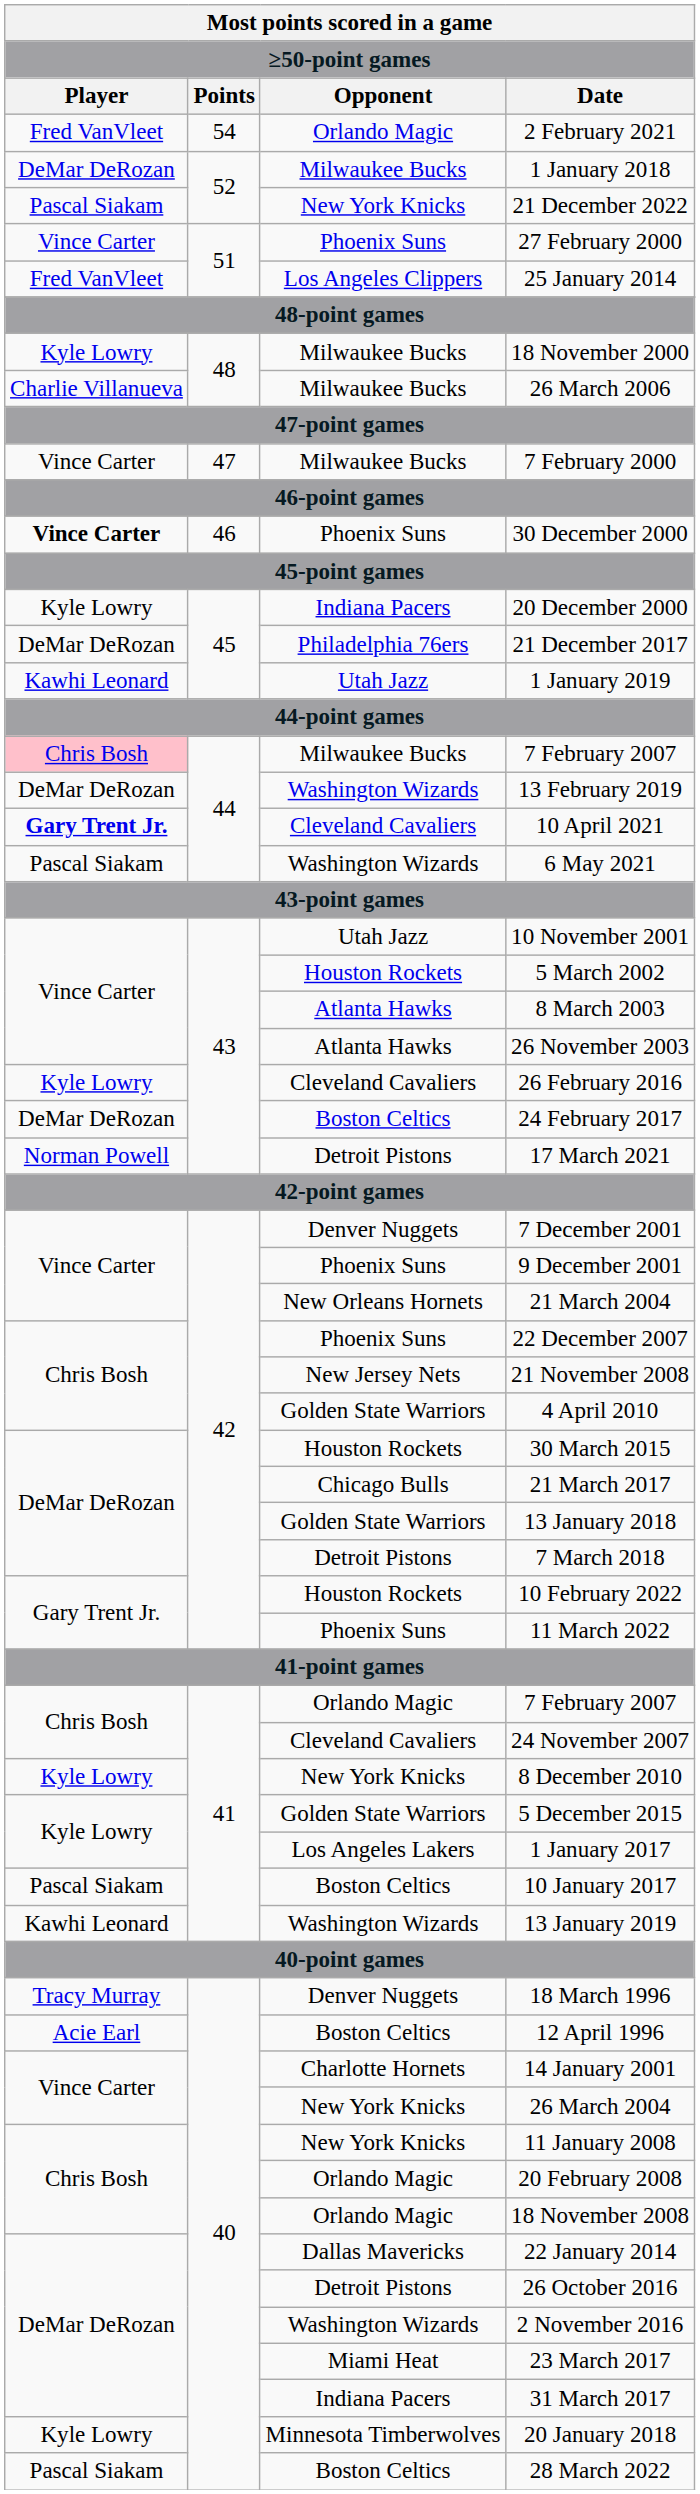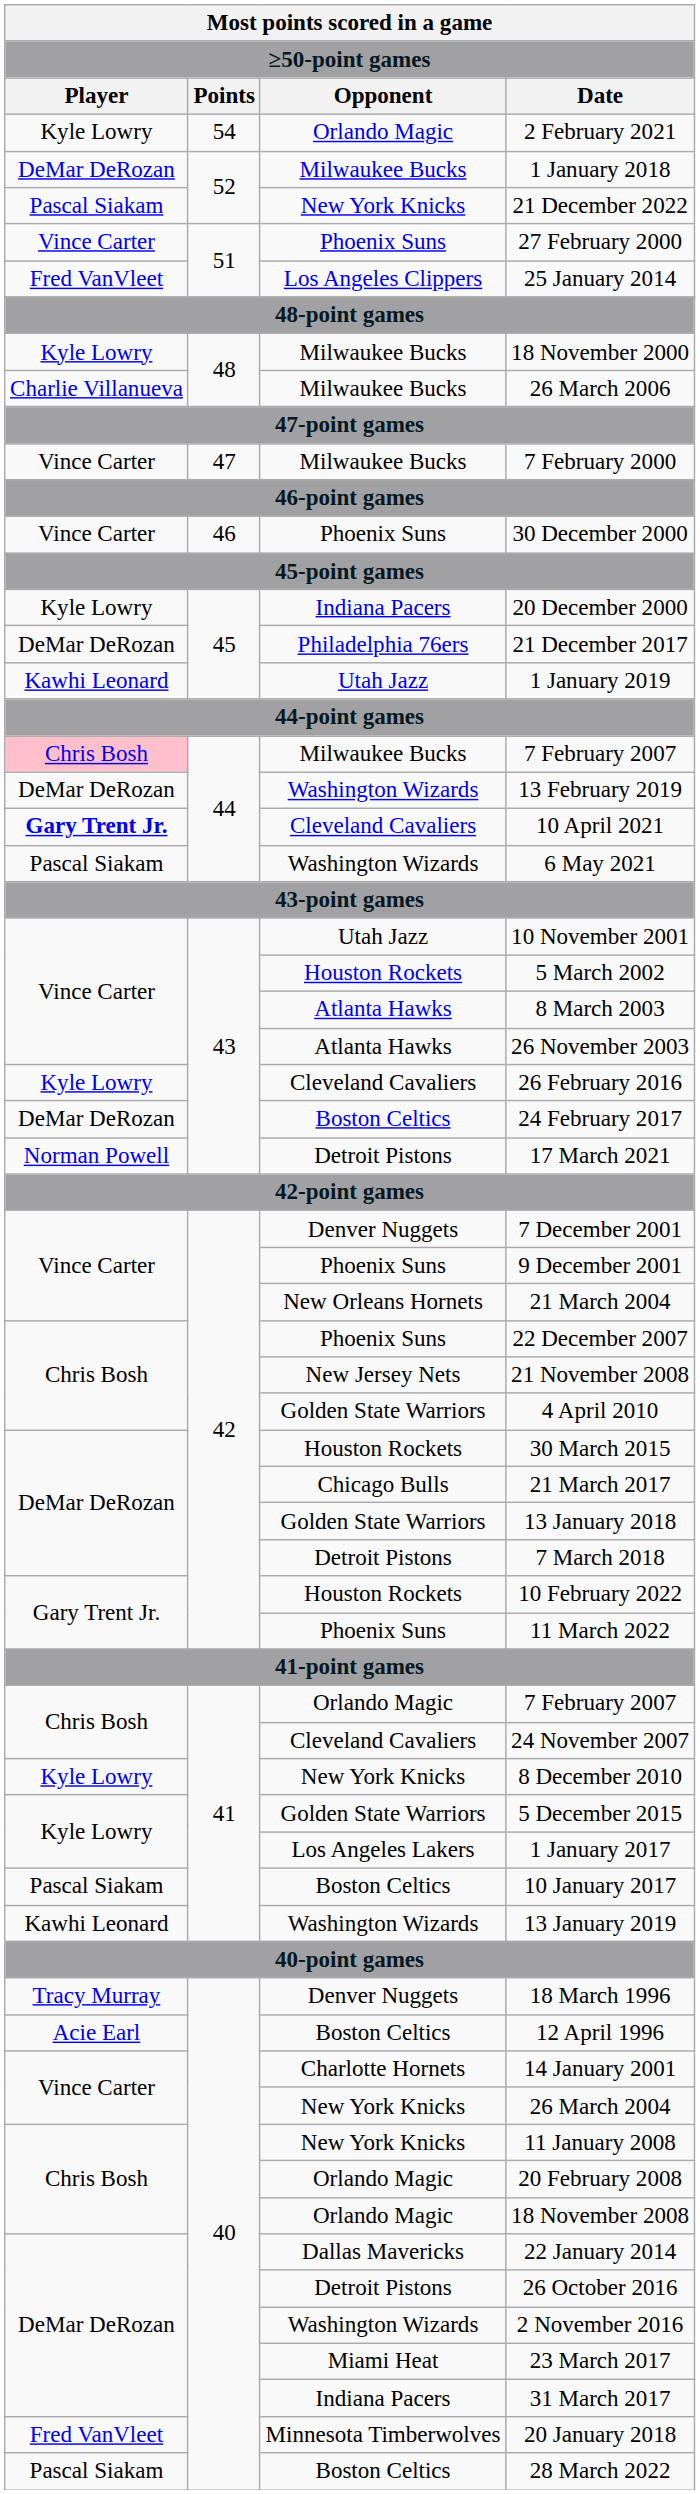 <table class="wikitable sortable" style="text-align:center">
 <tr>
 <th colspan="4">Most points scored in a game</th>
 </tr>
 <tr>
 <th colspan="4" style="text-align:center; background:#A1A1A4; color:#061922;">≥50-point games</th>
 </tr>
 <tr>
 <th>Player</th>
 <th>Points</th>
 <th>Opponent</th>
 <th>Date</th>
 </tr>
 <tr>
-<td><a href='#'>Fred VanVleet</a></td>
+<td>Kyle Lowry</td>
 <td rowspan=1>54</td>
 <td><a href='#'>Orlando Magic</a></td>
 <td>2 February 2021</td>
 </tr>
 <tr>
 <td><a href='#'>DeMar DeRozan</a></td>
 <td rowspan=2>52</td>
 <td><a href='#'>Milwaukee Bucks</a></td>
 <td>1 January 2018</td>
 </tr>
 <tr>
 <td><a href='#'>Pascal Siakam</a></td>
 <td><a href='#'>New York Knicks</a></td>
 <td>21 December 2022</td>
 </tr>
 <tr>
 <td><a href='#'>Vince Carter</a></td>
 <td rowspan=2>51</td>
 <td><a href='#'>Phoenix Suns</a></td>
 <td>27 February 2000</td>
 </tr>
 <tr>
 <td><a href='#'>Fred VanVleet</a></td>
 <td><a href='#'>Los Angeles Clippers</a></td>
 <td>25 January 2014</td>
 </tr>
 <tr>
 </tr>
 <tr>
 <th colspan="4" style="text-align:center; background:#A1A1A4; color:#061922;">48-point games</th>
 </tr>
 <tr>
 <td><a href='#'>Kyle Lowry</a></td>
 <td rowspan=2>48</td>
 <td>Milwaukee Bucks</td>
 <td>18 November 2000</td>
 </tr>
 <tr>
 <td><a href='#'>Charlie Villanueva</a></td>
 <td>Milwaukee Bucks</td>
 <td>26 March 2006</td>
 </tr>
 <tr>
 <th colspan="4" style="text-align:center; background:#A1A1A4; color:#061922;">47-point games</th>
 </tr>
 <tr>
 <td>Vince Carter</td>
 <td>47</td>
 <td>Milwaukee Bucks</td>
 <td>7 February 2000</td>
 </tr>
 <tr>
 <th colspan="4" style="text-align:center; background:#A1A1A4; color:#061922;">46-point games</th>
 </tr>
 <tr>
-<td><strong>Vince Carter</strong></td>
+<td>Vince Carter</td>
 <td>46</td>
 <td>Phoenix Suns</td>
 <td>30 December 2000</td>
 </tr>
 <tr>
 <th colspan="4" style="text-align:center; background:#A1A1A4; color:#061922;">45-point games</th>
 </tr>
 <tr>
 <td>Kyle Lowry</td>
 <td rowspan=3>45</td>
 <td><a href='#'>Indiana Pacers</a></td>
 <td>20 December 2000</td>
 </tr>
 <tr>
 <td>DeMar DeRozan</td>
 <td><a href='#'>Philadelphia 76ers</a></td>
 <td>21 December 2017</td>
 </tr>
 <tr>
 <td><a href='#'>Kawhi Leonard</a></td>
 <td><a href='#'>Utah Jazz</a></td>
 <td>1 January 2019</td>
 </tr>
 <tr>
 <th colspan="4" style="text-align:center; background:#A1A1A4; color:#061922;">44-point games</th>
 </tr>
 <tr>
 <td style="background: pink;"><a href='#'>Chris Bosh</a></td>
 <td rowspan=4>44</td>
 <td>Milwaukee Bucks</td>
 <td>7 February 2007</td>
 </tr>
 <tr>
 <td>DeMar DeRozan</td>
 <td><a href='#'>Washington Wizards</a></td>
 <td>13 February 2019</td>
 </tr>
 <tr>
 <td><strong><a href='#'>Gary Trent Jr.</a></strong></td>
 <td><a href='#'>Cleveland Cavaliers</a></td>
 <td>10 April 2021</td>
 </tr>
 <tr>
 <td>Pascal Siakam</td>
 <td>Washington Wizards</td>
 <td>6 May 2021</td>
 </tr>
 <tr>
 <th colspan="4" style="text-align:center; background:#A1A1A4; color:#061922;">43-point games</th>
 </tr>
 <tr>
 <td rowspan=4>Vince Carter</td>
 <td rowspan=7>43</td>
 <td>Utah Jazz</td>
 <td>10 November 2001</td>
 </tr>
 <tr>
 <td><a href='#'>Houston Rockets</a></td>
 <td>5 March 2002</td>
 </tr>
 <tr>
 <td><a href='#'>Atlanta Hawks</a></td>
 <td>8 March 2003</td>
 </tr>
 <tr>
 <td>Atlanta Hawks</td>
 <td>26 November 2003</td>
 </tr>
 <tr>
 <td><a href='#'>Kyle Lowry</a></td>
 <td>Cleveland Cavaliers</td>
 <td>26 February 2016</td>
 </tr>
 <tr>
 <td>DeMar DeRozan</td>
 <td><a href='#'>Boston Celtics</a></td>
 <td>24 February 2017</td>
 </tr>
 <tr>
 <td><a href='#'>Norman Powell</a></td>
 <td>Detroit Pistons</td>
 <td>17 March 2021</td>
 </tr>
 <tr>
 <th colspan="4" style="text-align:center; background:#A1A1A4; color:#061922;">42-point games</th>
 </tr>
 <tr>
 <td rowspan=3>Vince Carter</td>
 <td rowspan=12>42</td>
 <td>Denver Nuggets</td>
 <td>7 December 2001</td>
 </tr>
 <tr>
 <td>Phoenix Suns</td>
 <td>9 December 2001</td>
 </tr>
 <tr>
 <td>New Orleans Hornets</td>
 <td>21 March 2004</td>
 </tr>
 <tr>
 <td rowspan=3>Chris Bosh</td>
 <td>Phoenix Suns</td>
 <td>22 December 2007</td>
 </tr>
 <tr>
 <td>New Jersey Nets</td>
 <td>21 November 2008</td>
 </tr>
 <tr>
 <td>Golden State Warriors</td>
 <td>4 April 2010</td>
 </tr>
 <tr>
 <td rowspan=4>DeMar DeRozan</td>
 <td>Houston Rockets</td>
 <td>30 March 2015</td>
 </tr>
 <tr>
 <td>Chicago Bulls</td>
 <td>21 March 2017</td>
 </tr>
 <tr>
 <td>Golden State Warriors</td>
 <td>13 January 2018</td>
 </tr>
 <tr>
 <td>Detroit Pistons</td>
 <td>7 March 2018</td>
 </tr>
 <tr>
 <td rowspan=2>Gary Trent Jr.</td>
 <td>Houston Rockets</td>
 <td>10 February 2022</td>
 </tr>
 <tr>
 <td>Phoenix Suns</td>
 <td>11 March 2022</td>
 </tr>
 <tr>
 <th colspan="4" style="text-align:center; background:#A1A1A4; color:#061922;">41-point games</th>
 </tr>
 <tr>
 <td rowspan=2>Chris Bosh</td>
 <td rowspan=7>41</td>
 <td>Orlando Magic</td>
 <td>7 February 2007</td>
 </tr>
 <tr>
 <td>Cleveland Cavaliers</td>
 <td>24 November 2007</td>
 </tr>
 <tr>
 <td><a href='#'>Kyle Lowry</a></td>
 <td>New York Knicks</td>
 <td>8 December 2010</td>
 </tr>
 <tr>
 <td rowspan=2>Kyle Lowry</td>
 <td>Golden State Warriors</td>
 <td>5 December 2015</td>
 </tr>
 <tr>
 <td>Los Angeles Lakers</td>
 <td>1 January 2017</td>
 </tr>
 <tr>
 <td>Pascal Siakam</td>
 <td>Boston Celtics</td>
 <td>10 January 2017</td>
 </tr>
 <tr>
 <td>Kawhi Leonard</td>
 <td>Washington Wizards</td>
 <td>13 January 2019</td>
 </tr>
 <tr>
 <th colspan="4" style="text-align:center; background:#A1A1A4; color:#061922;">40-point games</th>
 </tr>
 <tr>
 <td><a href='#'>Tracy Murray</a></td>
 <td rowspan=14>40</td>
 <td>Denver Nuggets</td>
 <td>18 March 1996</td>
 </tr>
 <tr>
 <td><a href='#'>Acie Earl</a></td>
 <td>Boston Celtics</td>
 <td>12 April 1996</td>
 </tr>
 <tr>
 <td rowspan=2>Vince Carter</td>
 <td Charlotte Hornets (1988–2002)>Charlotte Hornets</td>
 <td>14 January 2001</td>
 </tr>
 <tr>
 <td>New York Knicks</td>
 <td>26 March 2004</td>
 </tr>
 <tr>
 <td rowspan=3>Chris Bosh</td>
 <td>New York Knicks</td>
 <td>11 January 2008</td>
 </tr>
 <tr>
 <td>Orlando Magic</td>
 <td>20 February 2008</td>
 </tr>
 <tr>
 <td>Orlando Magic</td>
 <td>18 November 2008</td>
 </tr>
 <tr>
 <td rowspan=5>DeMar DeRozan</td>
 <td>Dallas Mavericks</td>
 <td>22 January 2014</td>
 </tr>
 <tr>
 <td>Detroit Pistons</td>
 <td>26 October 2016</td>
 </tr>
 <tr>
 <td>Washington Wizards</td>
 <td>2 November 2016</td>
 </tr>
 <tr>
 <td>Miami Heat</td>
 <td>23 March 2017</td>
 </tr>
 <tr>
 <td>Indiana Pacers</td>
 <td>31 March 2017</td>
 </tr>
 <tr>
-<td>Kyle Lowry</td>
+<td><a href='#'>Fred VanVleet</a></td>
 <td>Minnesota Timberwolves</td>
 <td>20 January 2018</td>
 </tr>
 <tr>
 <td>Pascal Siakam</td>
 <td>Boston Celtics</td>
 <td>28 March 2022</td>
 </tr>
 </table>
